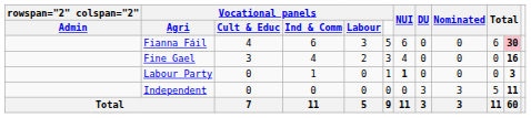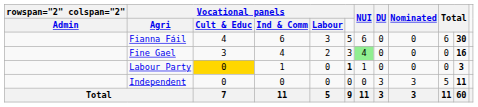 <table class="wikitable">
 <tr>
 <th>rowspan="2" colspan="2" </th>
 <th scope="col" colspan="5"><a href='#'>Vocational panels</a></th>
 <th rowspan="2"><a href='#'>NUI</a></th>
 <th rowspan="2"><a href='#'>DU</a></th>
 <th rowspan="2"><a href='#'>Nominated</a></th>
 <th rowspan="2" colspan="2">Total</th>
 </tr>
 <tr>
 <th scope="col"><a href='#'>Admin</a></th>
 <th scope="col"><a href='#'>Agri</a></th>
 <th scope="col"><a href='#'>Cult & Educ</a></th>
 <th scope="col"><a href='#'>Ind & Comm</a></th>
 <th scope="col"><a href='#'>Labour</a></th>
 </tr>
 <tr style="text-align:center">
 <td style="background-color: "></td>
 <td align="left"><a href='#'>Fianna Fáil</a></td>
 <td>4</td>
 <td>6</td>
 <td>3</td>
 <td>5</td>
 <td>6</td>
 <td>0</td>
 <td>0</td>
 <td>6</td>
-<td style="background: pink;"><strong>30</strong></td>
+<td><strong>30</strong></td>
 <td style="background-color: "></td>
 </tr>
 <tr style="text-align:center">
 <td style="background-color: "></td>
 <td align="left"><a href='#'>Fine Gael</a></td>
 <td>3</td>
 <td>4</td>
 <td>2</td>
 <td>3</td>
-<td>4</td>
+<td style="background: lightgreen;">4</td>
 <td>0</td>
 <td>0</td>
 <td>0</td>
 <td><strong>16</strong></td>
 <td style="background-color: "></td>
 </tr>
 <tr style="text-align:center">
 <td style="background-color: "></td>
 <td align="left"><a href='#'>Labour Party</a></td>
-<td>0</td>
+<td style="background: gold;">0</td>
 <td>1</td>
 <td>0</td>
+<td><strong>1</strong></td>
 <td>1</td>
-<td><strong>1</strong></td>
 <td>0</td>
 <td>0</td>
 <td>0</td>
 <td><strong>3</strong></td>
 <td style="background-color: "></td>
 </tr>
 <tr style="text-align:center">
 <td style="background-color: "></td>
 <td align="left"><a href='#'>Independent</a></td>
 <td>0</td>
 <td>0</td>
 <td>0</td>
 <td>0</td>
 <td>0</td>
 <td>3</td>
 <td>3</td>
 <td>5</td>
 <td><strong>11</strong></td>
 <td style="background-color: "></td>
 </tr>
 <tr style="text-align:center">
 <th colspan="2">Total</th>
 <th>7</th>
 <th>11</th>
 <th>5</th>
 <th>9</th>
 <th>11</th>
 <th>3</th>
 <th>3</th>
 <th>11</th>
 <th>60</th>
 <th></th>
 </tr>
 </table>
